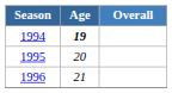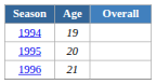 <table class="wikitable" style="font-size:95%; text-align:center; border:grey solid 1px; border-collapse:collapse; background:#ffffff;">
 <tr>
 <th style="background-color:#369; color:white; width:60px;"> Season </th>
 <th style="background-color:#369; color:white; width:40px;"> Age </th>
 <th style="background-color:#4180be; color:white; width:75px;">Overall</th>
 </tr>
 <tr>
 <td><a href='#'>1994</a></td>
-<td><strong><em>19</em></strong></td>
+<td><em>19</em></td>
 <td></td>
 </tr>
 <tr>
 <td><a href='#'>1995</a></td>
 <td><em>20</em></td>
 <td></td>
 </tr>
 <tr>
 <td><a href='#'>1996</a></td>
 <td><em>21</em></td>
 <td></td>
 </tr>
 <tr>
 </tr>
 </table>
